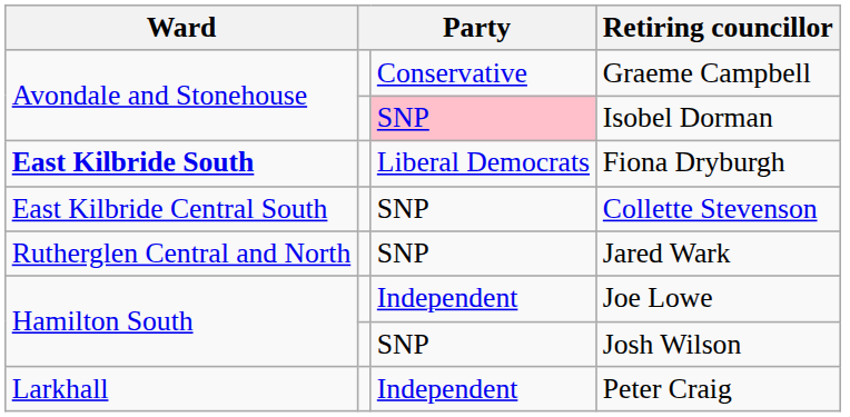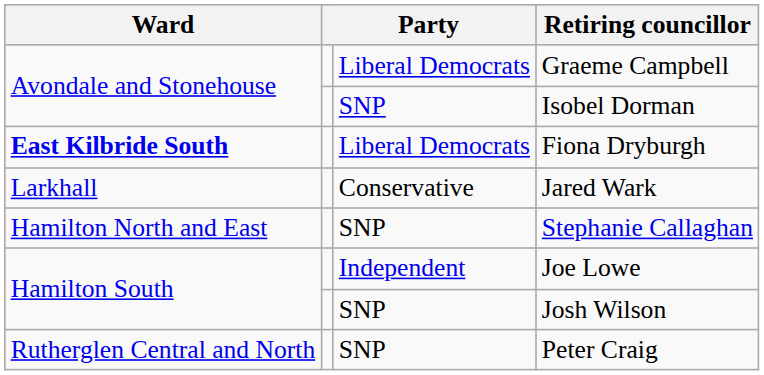 <table class="wikitable sortable">
 <tr>
 <th scope="col">Ward</th>
 <th scope="col" colspan="2">Party</th>
 <th scope="col">Retiring councillor</th>
 </tr>
 <tr>
 <td scope="row" rowspan="2"><a href='#'>Avondale and Stonehouse</a></td>
 <td style="background-color: "></td>
-<td><a href='#'>Conservative</a></td>
+<td><a href='#'>Liberal Democrats</a></td>
 <td>Graeme Campbell</td>
 </tr>
 <tr>
 <td style="background-color: "></td>
-<td style="background: pink;"><a href='#'>SNP</a></td>
+<td><a href='#'>SNP</a></td>
 <td>Isobel Dorman</td>
 </tr>
 <tr>
 <td scope="row"><strong><a href='#'>East Kilbride South</a></strong></td>
 <td style="background-color: "></td>
 <td><a href='#'>Liberal Democrats</a></td>
 <td>Fiona Dryburgh</td>
 </tr>
 <tr>
-<td scope="row"><a href='#'>East Kilbride Central South</a></td>
+<td scope="row"><a href='#'>Larkhall</a></td>
+<td style="background-color: "></td>
+<td>Conservative</td>
+<td>Jared Wark</td>
+</tr>
+<tr>
+<td scope="row"><a href='#'>Hamilton North and East</a></td>
 <td style="background-color: "></td>
 <td>SNP</td>
-<td><a href='#'>Collette Stevenson</a></td>
-</tr>
-<tr>
-<td scope="row"><a href='#'>Rutherglen Central and North</a></td>
-<td style="background-color: "></td>
-<td>SNP</td>
-<td>Jared Wark</td>
+<td><a href='#'>Stephanie Callaghan</a></td>
 </tr>
 <tr>
 <td scope="row" rowspan="2"><a href='#'>Hamilton South</a></td>
 <td style="background-color: "></td>
 <td><a href='#'>Independent</a></td>
 <td>Joe Lowe</td>
 </tr>
 <tr>
 <td style="background-color: "></td>
 <td>SNP</td>
 <td>Josh Wilson</td>
 </tr>
 <tr>
-<td scope="row"><a href='#'>Larkhall</a></td>
+<td scope="row"><a href='#'>Rutherglen Central and North</a></td>
 <td style="background-color: "></td>
-<td><a href='#'>Independent</a></td>
+<td>SNP</td>
 <td>Peter Craig</td>
 </tr>
 </table>
